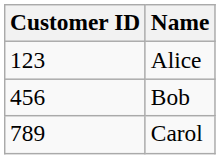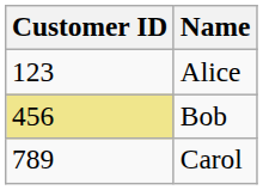 <table class="wikitable">
 <tr>
 <th>Customer ID</th>
 <th>Name</th>
 </tr>
 <tr>
 <td>123</td>
 <td>Alice</td>
 </tr>
 <tr>
-<td>456</td>
+<td style="background: khaki;">456</td>
 <td>Bob</td>
 </tr>
 <tr>
 <td>789</td>
 <td>Carol</td>
 </tr>
 </table>
